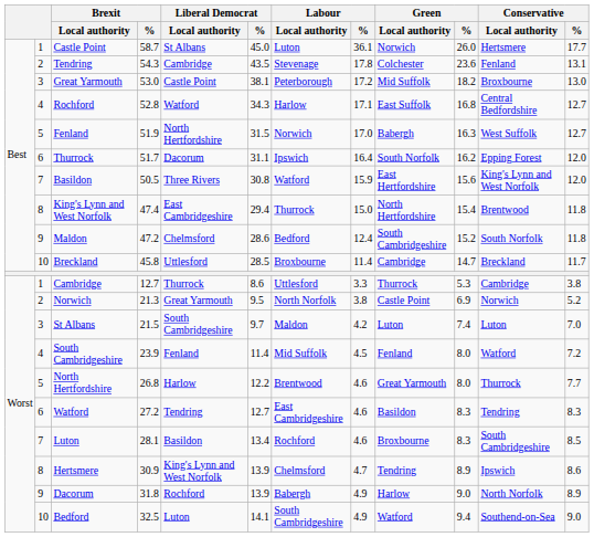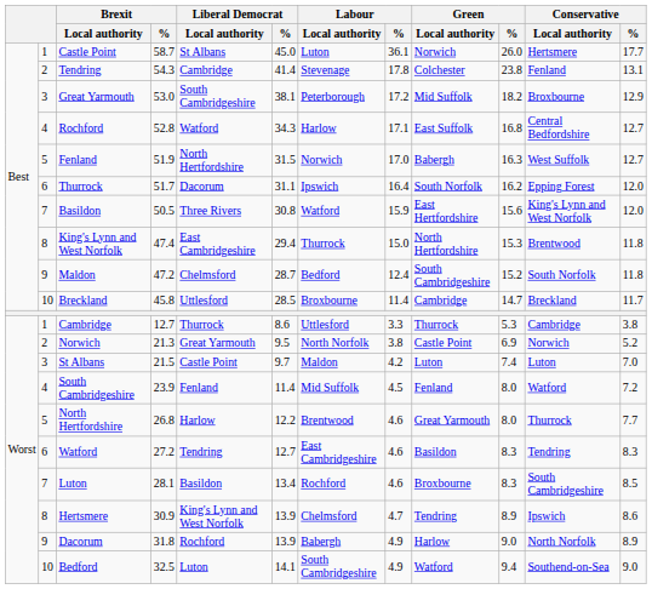 <table class="wikitable">
 <tr>
 <th colspan="2" rowspan="2"></th>
 <th colspan="2">Brexit</th>
 <th colspan="2">Liberal Democrat</th>
 <th colspan="2">Labour</th>
 <th colspan="2">Green</th>
 <th colspan="2">Conservative</th>
 </tr>
 <tr>
 <th style="text-align:center;">Local authority</th>
 <th style="text-align:center;">%</th>
 <th>Local authority</th>
 <th>%</th>
 <th>Local authority</th>
 <th>%</th>
 <th>Local authority</th>
 <th>%</th>
 <th>Local authority</th>
 <th>%</th>
 </tr>
 <tr>
 <td rowspan="10">Best</td>
 <td>1</td>
 <td><a href='#'>Castle Point</a></td>
 <td>58.7</td>
 <td><a href='#'>St Albans</a></td>
 <td>45.0</td>
 <td><a href='#'>Luton</a></td>
 <td>36.1</td>
 <td><a href='#'>Norwich</a></td>
 <td>26.0</td>
 <td><a href='#'>Hertsmere</a></td>
 <td>17.7</td>
 </tr>
 <tr>
 <td>2</td>
 <td><a href='#'>Tendring</a></td>
 <td>54.3</td>
 <td><a href='#'>Cambridge</a></td>
-<td>43.5</td>
+<td>41.4</td>
 <td><a href='#'>Stevenage</a></td>
 <td>17.8</td>
 <td><a href='#'>Colchester</a></td>
-<td>23.6</td>
+<td>23.8</td>
 <td><a href='#'>Fenland</a></td>
 <td>13.1</td>
 </tr>
 <tr>
 <td>3</td>
 <td><a href='#'>Great Yarmouth</a></td>
 <td>53.0</td>
-<td><a href='#'>Castle Point</a></td>
+<td><a href='#'>South Cambridgeshire</a></td>
 <td>38.1</td>
 <td><a href='#'>Peterborough</a></td>
 <td>17.2</td>
 <td><a href='#'>Mid Suffolk</a></td>
 <td>18.2</td>
 <td><a href='#'>Broxbourne</a></td>
-<td>13.0</td>
+<td>12.9</td>
 </tr>
 <tr>
 <td>4</td>
 <td><a href='#'>Rochford</a></td>
 <td>52.8</td>
 <td><a href='#'>Watford</a></td>
 <td>34.3</td>
 <td><a href='#'>Harlow</a></td>
 <td>17.1</td>
 <td><a href='#'>East Suffolk</a></td>
 <td>16.8</td>
 <td><a href='#'>Central Bedfordshire</a></td>
 <td>12.7</td>
 </tr>
 <tr>
 <td>5</td>
 <td><a href='#'>Fenland</a></td>
 <td>51.9</td>
 <td><a href='#'>North Hertfordshire</a></td>
 <td>31.5</td>
 <td><a href='#'>Norwich</a></td>
 <td>17.0</td>
 <td><a href='#'>Babergh</a></td>
 <td>16.3</td>
 <td><a href='#'>West Suffolk</a></td>
 <td>12.7</td>
 </tr>
 <tr>
 <td>6</td>
 <td><a href='#'>Thurrock</a></td>
 <td>51.7</td>
 <td><a href='#'>Dacorum</a></td>
 <td>31.1</td>
 <td><a href='#'>Ipswich</a></td>
 <td>16.4</td>
 <td><a href='#'>South Norfolk</a></td>
 <td>16.2</td>
 <td><a href='#'>Epping Forest</a></td>
 <td>12.0</td>
 </tr>
 <tr>
 <td>7</td>
 <td><a href='#'>Basildon</a></td>
 <td>50.5</td>
 <td><a href='#'>Three Rivers</a></td>
 <td>30.8</td>
 <td><a href='#'>Watford</a></td>
 <td>15.9</td>
 <td><a href='#'>East Hertfordshire</a></td>
 <td>15.6</td>
 <td><a href='#'>King's Lynn and West Norfolk</a></td>
 <td>12.0</td>
 </tr>
 <tr>
 <td>8</td>
 <td><a href='#'>King's Lynn and West Norfolk</a></td>
 <td>47.4</td>
 <td><a href='#'>East Cambridgeshire</a></td>
 <td>29.4</td>
 <td><a href='#'>Thurrock</a></td>
 <td>15.0</td>
 <td><a href='#'>North Hertfordshire</a></td>
-<td>15.4</td>
+<td>15.3</td>
 <td><a href='#'>Brentwood</a></td>
 <td>11.8</td>
 </tr>
 <tr>
 <td>9</td>
 <td><a href='#'>Maldon</a></td>
 <td>47.2</td>
 <td><a href='#'>Chelmsford</a></td>
-<td>28.6</td>
+<td>28.7</td>
 <td><a href='#'>Bedford</a></td>
 <td>12.4</td>
 <td><a href='#'>South Cambridgeshire</a></td>
 <td>15.2</td>
 <td><a href='#'>South Norfolk</a></td>
 <td>11.8</td>
 </tr>
 <tr>
 <td>10</td>
 <td><a href='#'>Breckland</a></td>
 <td>45.8</td>
 <td><a href='#'>Uttlesford</a></td>
 <td>28.5</td>
 <td><a href='#'>Broxbourne</a></td>
 <td>11.4</td>
 <td><a href='#'>Cambridge</a></td>
 <td>14.7</td>
 <td><a href='#'>Breckland</a></td>
 <td>11.7</td>
 </tr>
 <tr>
 <th colspan="14"></th>
 </tr>
 <tr>
 <td rowspan="10">Worst</td>
 <td>1</td>
 <td><a href='#'>Cambridge</a></td>
 <td>12.7</td>
 <td><a href='#'>Thurrock</a></td>
 <td>8.6</td>
 <td><a href='#'>Uttlesford</a></td>
 <td>3.3</td>
 <td><a href='#'>Thurrock</a></td>
 <td>5.3</td>
 <td><a href='#'>Cambridge</a></td>
 <td>3.8</td>
 </tr>
 <tr>
 <td>2</td>
 <td><a href='#'>Norwich</a></td>
 <td>21.3</td>
 <td><a href='#'>Great Yarmouth</a></td>
 <td>9.5</td>
 <td><a href='#'>North Norfolk</a></td>
 <td>3.8</td>
 <td><a href='#'>Castle Point</a></td>
 <td>6.9</td>
 <td><a href='#'>Norwich</a></td>
 <td>5.2</td>
 </tr>
 <tr>
 <td>3</td>
 <td><a href='#'>St Albans</a></td>
 <td>21.5</td>
-<td><a href='#'>South Cambridgeshire</a></td>
+<td><a href='#'>Castle Point</a></td>
 <td>9.7</td>
 <td><a href='#'>Maldon</a></td>
 <td>4.2</td>
 <td><a href='#'>Luton</a></td>
 <td>7.4</td>
 <td><a href='#'>Luton</a></td>
 <td>7.0</td>
 </tr>
 <tr>
 <td>4</td>
 <td><a href='#'>South Cambridgeshire</a></td>
 <td>23.9</td>
 <td><a href='#'>Fenland</a></td>
 <td>11.4</td>
 <td><a href='#'>Mid Suffolk</a></td>
 <td>4.5</td>
 <td><a href='#'>Fenland</a></td>
 <td>8.0</td>
 <td><a href='#'>Watford</a></td>
 <td>7.2</td>
 </tr>
 <tr>
 <td>5</td>
 <td><a href='#'>North Hertfordshire</a></td>
 <td>26.8</td>
 <td><a href='#'>Harlow</a></td>
 <td>12.2</td>
 <td><a href='#'>Brentwood</a></td>
 <td>4.6</td>
 <td><a href='#'>Great Yarmouth</a></td>
 <td>8.0</td>
 <td><a href='#'>Thurrock</a></td>
 <td>7.7</td>
 </tr>
 <tr>
 <td>6</td>
 <td><a href='#'>Watford</a></td>
 <td>27.2</td>
 <td><a href='#'>Tendring</a></td>
 <td>12.7</td>
 <td><a href='#'>East Cambridgeshire</a></td>
 <td>4.6</td>
 <td><a href='#'>Basildon</a></td>
 <td>8.3</td>
 <td><a href='#'>Tendring</a></td>
 <td>8.3</td>
 </tr>
 <tr>
 <td>7</td>
 <td><a href='#'>Luton</a></td>
 <td>28.1</td>
 <td><a href='#'>Basildon</a></td>
 <td>13.4</td>
 <td><a href='#'>Rochford</a></td>
 <td>4.6</td>
 <td><a href='#'>Broxbourne</a></td>
 <td>8.3</td>
 <td><a href='#'>South Cambridgeshire</a></td>
 <td>8.5</td>
 </tr>
 <tr>
 <td>8</td>
 <td><a href='#'>Hertsmere</a></td>
 <td>30.9</td>
 <td><a href='#'>King's Lynn and West Norfolk</a></td>
 <td>13.9</td>
 <td><a href='#'>Chelmsford</a></td>
 <td>4.7</td>
 <td><a href='#'>Tendring</a></td>
 <td>8.9</td>
 <td><a href='#'>Ipswich</a></td>
 <td>8.6</td>
 </tr>
 <tr>
 <td>9</td>
 <td><a href='#'>Dacorum</a></td>
 <td>31.8</td>
 <td><a href='#'>Rochford</a></td>
 <td>13.9</td>
 <td><a href='#'>Babergh</a></td>
 <td>4.9</td>
 <td><a href='#'>Harlow</a></td>
 <td>9.0</td>
 <td><a href='#'>North Norfolk</a></td>
 <td>8.9</td>
 </tr>
 <tr>
 <td>10</td>
 <td><a href='#'>Bedford</a></td>
 <td>32.5</td>
 <td><a href='#'>Luton</a></td>
 <td>14.1</td>
 <td><a href='#'>South Cambridgeshire</a></td>
 <td>4.9</td>
 <td><a href='#'>Watford</a></td>
 <td>9.4</td>
 <td><a href='#'>Southend-on-Sea</a></td>
 <td>9.0</td>
 </tr>
 </table>
